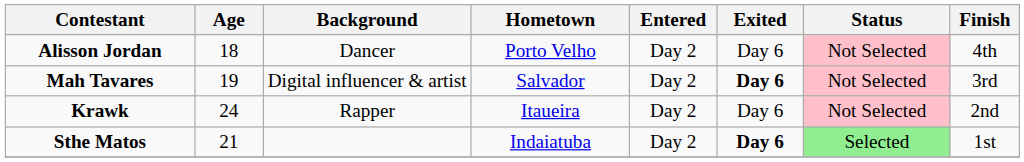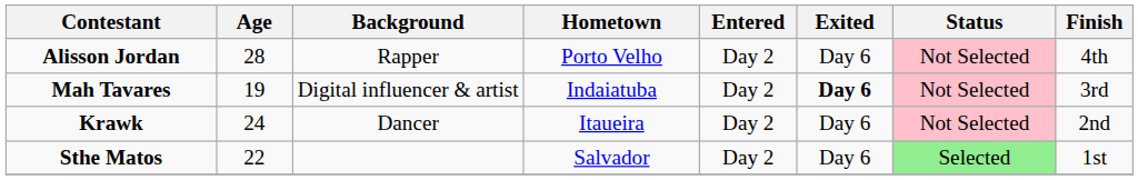 <table class= "wikitable sortable" style="text-align: center; margin:auto; align: center">
 <tr>
 <th width=150>Contestant</th>
 <th width=050>Age</th>
 <th width=125>Background</th>
 <th width=125>Hometown</th>
 <th width=065>Entered</th>
 <th width=065>Exited</th>
 <th width=115>Status</th>
 <th width=050>Finish</th>
 </tr>
 <tr>
 <td nowrap><strong>Alisson Jordan</strong></td>
-<td>18</td>
-<td>Dancer</td>
+<td>28</td>
+<td>Rapper</td>
 <td nowrap><a href='#'>Porto Velho</a></td>
 <td>Day 2</td>
 <td>Day 6</td>
 <td bgcolor=FFC0CB nowrap>Not Selected<br></td>
 <td>4th</td>
 </tr>
 <tr>
 <td><strong>Mah Tavares</strong></td>
 <td>19</td>
 <td nowrap>Digital influencer & artist</td>
-<td><a href='#'>Salvador</a></td>
+<td><a href='#'>Indaiatuba</a></td>
 <td>Day 2</td>
 <td><strong>Day 6</strong></td>
 <td bgcolor=FFC0CB>Not Selected<br></td>
 <td>3rd</td>
 </tr>
 <tr>
 <td><strong>Krawk</strong></td>
 <td>24</td>
-<td>Rapper</td>
+<td>Dancer</td>
 <td><a href='#'>Itaueira</a></td>
 <td>Day 2</td>
 <td>Day 6</td>
 <td bgcolor=FFC0CB>Not Selected<br></td>
 <td>2nd</td>
 </tr>
 <tr>
 <td><strong>Sthe Matos</strong></td>
-<td>21</td>
+<td>22</td>
 <td></td>
-<td><a href='#'>Indaiatuba</a></td>
+<td><a href='#'>Salvador</a></td>
 <td>Day 2</td>
-<td><strong>Day 6</strong></td>
+<td>Day 6</td>
 <td bgcolor=90EE90>Selected<br></td>
 <td>1st</td>
 </tr>
 <tr>
 </tr>
 </table>
